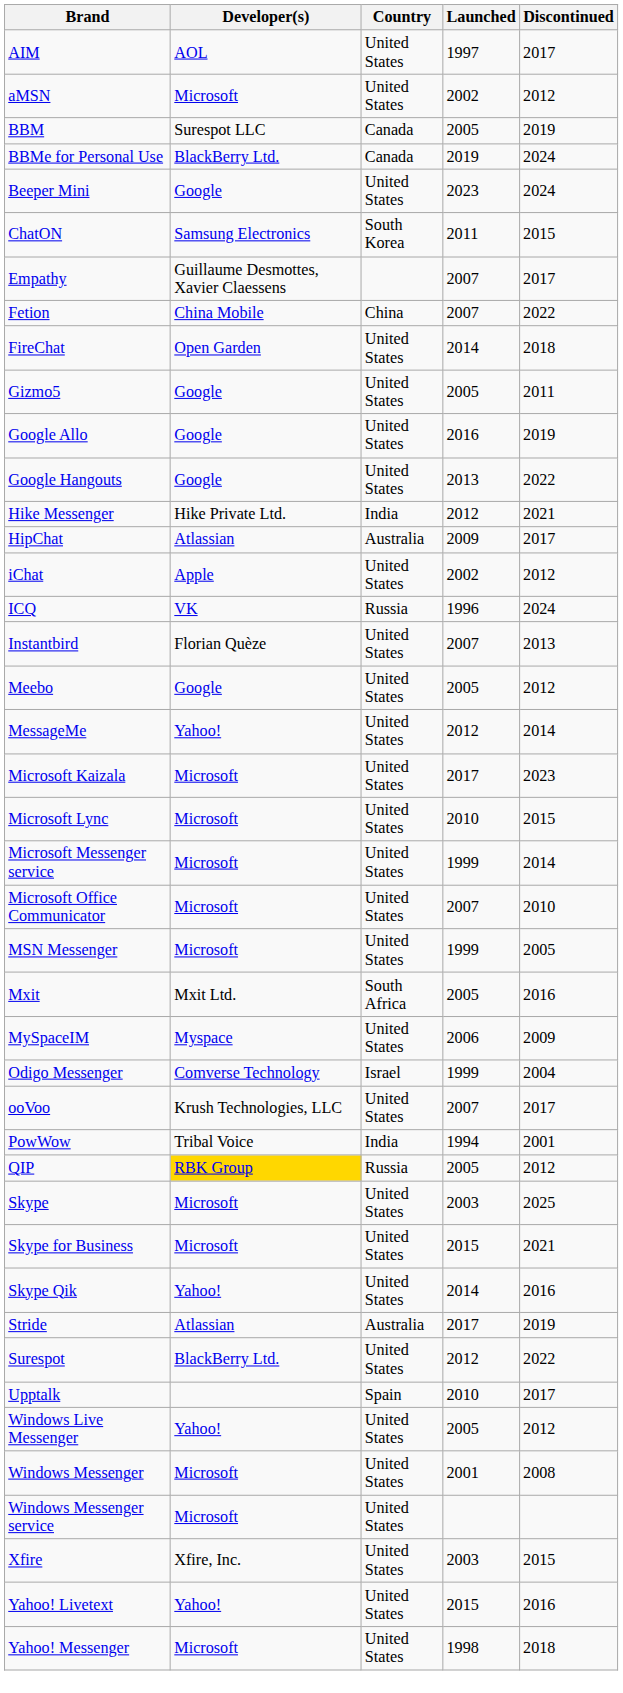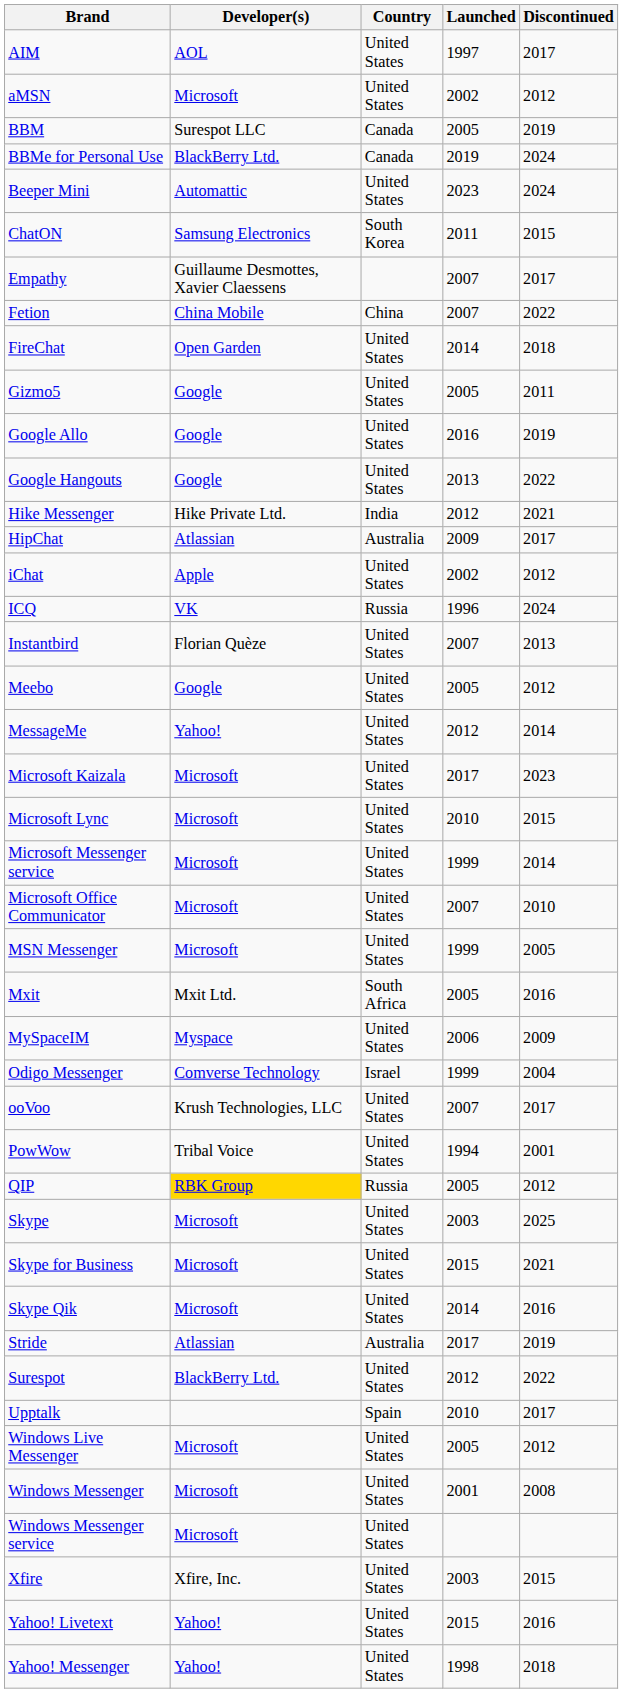 <table class="wikitable sortable">
 <tr>
 <th>Brand</th>
 <th>Developer(s)</th>
 <th>Country</th>
 <th>Launched</th>
 <th>Discontinued</th>
 </tr>
 <tr>
 <td><a href='#'>AIM</a></td>
 <td><a href='#'>AOL</a></td>
 <td>United States</td>
 <td>1997</td>
 <td>2017</td>
 </tr>
 <tr>
 <td><a href='#'>aMSN</a></td>
 <td><a href='#'>Microsoft</a></td>
 <td>United States</td>
 <td>2002</td>
 <td>2012</td>
 </tr>
 <tr>
 <td><a href='#'>BBM</a></td>
 <td>Surespot LLC</td>
 <td>Canada</td>
 <td>2005</td>
 <td>2019</td>
 </tr>
 <tr>
 <td><a href='#'>BBMe for Personal Use</a></td>
 <td><a href='#'>BlackBerry Ltd.</a></td>
 <td>Canada</td>
 <td>2019</td>
 <td>2024</td>
 </tr>
 <tr>
 <td><a href='#'>Beeper Mini</a></td>
-<td><a href='#'>Google</a></td>
+<td><a href='#'>Automattic</a></td>
 <td>United States</td>
 <td>2023</td>
 <td>2024</td>
 </tr>
 <tr>
 <td><a href='#'>ChatON</a></td>
 <td><a href='#'>Samsung Electronics</a></td>
 <td>South Korea</td>
 <td>2011</td>
 <td>2015</td>
 </tr>
 <tr>
 <td><a href='#'>Empathy</a></td>
 <td>Guillaume Desmottes, Xavier Claessens</td>
 <td></td>
 <td>2007</td>
 <td>2017</td>
 </tr>
 <tr>
 <td><a href='#'>Fetion</a></td>
 <td><a href='#'>China Mobile</a></td>
 <td>China</td>
 <td>2007</td>
 <td>2022</td>
 </tr>
 <tr>
 <td><a href='#'>FireChat</a></td>
 <td><a href='#'>Open Garden</a></td>
 <td>United States</td>
 <td>2014</td>
 <td>2018</td>
 </tr>
 <tr>
 <td><a href='#'>Gizmo5</a></td>
 <td><a href='#'>Google</a></td>
 <td>United States</td>
 <td>2005</td>
 <td>2011</td>
 </tr>
 <tr>
 <td><a href='#'>Google Allo</a></td>
 <td><a href='#'>Google</a></td>
 <td>United States</td>
 <td>2016</td>
 <td>2019</td>
 </tr>
 <tr>
 <td><a href='#'>Google Hangouts</a></td>
 <td><a href='#'>Google</a></td>
 <td>United States</td>
 <td>2013</td>
 <td>2022</td>
 </tr>
 <tr>
 <td><a href='#'>Hike Messenger</a></td>
 <td>Hike Private Ltd.</td>
 <td>India</td>
 <td>2012</td>
 <td>2021</td>
 </tr>
 <tr>
 <td><a href='#'>HipChat</a></td>
 <td><a href='#'>Atlassian</a></td>
 <td>Australia</td>
 <td>2009</td>
 <td>2017</td>
 </tr>
 <tr>
 <td><a href='#'>iChat</a></td>
 <td><a href='#'>Apple</a></td>
 <td>United States</td>
 <td>2002</td>
 <td>2012</td>
 </tr>
 <tr>
 <td><a href='#'>ICQ</a></td>
 <td><a href='#'>VK</a></td>
 <td>Russia</td>
 <td>1996</td>
 <td>2024</td>
 </tr>
 <tr>
 <td><a href='#'>Instantbird</a></td>
 <td>Florian Quèze</td>
 <td>United States</td>
 <td>2007</td>
 <td>2013</td>
 </tr>
 <tr>
 <td><a href='#'>Meebo</a></td>
 <td><a href='#'>Google</a></td>
 <td>United States</td>
 <td>2005</td>
 <td>2012</td>
 </tr>
 <tr>
 <td><a href='#'>MessageMe</a></td>
 <td><a href='#'>Yahoo!</a></td>
 <td>United States</td>
 <td>2012</td>
 <td>2014</td>
 </tr>
 <tr>
 <td><a href='#'>Microsoft Kaizala</a></td>
 <td><a href='#'>Microsoft</a></td>
 <td>United States</td>
 <td>2017</td>
 <td>2023</td>
 </tr>
 <tr>
 <td><a href='#'>Microsoft Lync</a></td>
 <td><a href='#'>Microsoft</a></td>
 <td>United States</td>
 <td>2010</td>
 <td>2015</td>
 </tr>
 <tr>
 <td><a href='#'>Microsoft Messenger service</a></td>
 <td><a href='#'>Microsoft</a></td>
 <td>United States</td>
 <td>1999</td>
 <td>2014</td>
 </tr>
 <tr>
 <td><a href='#'>Microsoft Office Communicator</a></td>
 <td><a href='#'>Microsoft</a></td>
 <td>United States</td>
 <td>2007</td>
 <td>2010</td>
 </tr>
 <tr>
 <td><a href='#'>MSN Messenger</a></td>
 <td><a href='#'>Microsoft</a></td>
 <td>United States</td>
 <td>1999</td>
 <td>2005</td>
 </tr>
 <tr>
 <td><a href='#'>Mxit</a></td>
 <td>Mxit Ltd.</td>
 <td>South Africa</td>
 <td>2005</td>
 <td>2016</td>
 </tr>
 <tr>
 <td><a href='#'>MySpaceIM</a></td>
 <td><a href='#'>Myspace</a></td>
 <td>United States</td>
 <td>2006</td>
 <td>2009</td>
 </tr>
 <tr>
 <td><a href='#'>Odigo Messenger</a></td>
 <td><a href='#'>Comverse Technology</a></td>
 <td>Israel</td>
 <td>1999</td>
 <td>2004</td>
 </tr>
 <tr>
 <td><a href='#'>ooVoo</a></td>
 <td>Krush Technologies, LLC</td>
 <td>United States</td>
 <td>2007</td>
 <td>2017</td>
 </tr>
 <tr>
 <td><a href='#'>PowWow</a></td>
 <td>Tribal Voice</td>
-<td>India</td>
+<td>United States</td>
 <td>1994</td>
 <td>2001</td>
 </tr>
 <tr>
 <td><a href='#'>QIP</a></td>
 <td style="background: gold;"><a href='#'>RBK Group</a></td>
 <td>Russia</td>
 <td>2005</td>
 <td>2012</td>
 </tr>
 <tr>
 <td><a href='#'>Skype</a></td>
 <td><a href='#'>Microsoft</a></td>
 <td>United States</td>
 <td>2003</td>
 <td>2025</td>
 </tr>
 <tr>
 <td><a href='#'>Skype for Business</a></td>
 <td><a href='#'>Microsoft</a></td>
 <td>United States</td>
 <td>2015</td>
 <td>2021</td>
 </tr>
 <tr>
 <td><a href='#'>Skype Qik</a></td>
-<td><a href='#'>Yahoo!</a></td>
+<td><a href='#'>Microsoft</a></td>
 <td>United States</td>
 <td>2014</td>
 <td>2016</td>
 </tr>
 <tr>
 <td><a href='#'>Stride</a></td>
 <td><a href='#'>Atlassian</a></td>
 <td>Australia</td>
 <td>2017</td>
 <td>2019</td>
 </tr>
 <tr>
 <td><a href='#'>Surespot</a></td>
 <td><a href='#'>BlackBerry Ltd.</a></td>
 <td>United States</td>
 <td>2012</td>
 <td>2022</td>
 </tr>
 <tr>
 <td><a href='#'>Upptalk</a></td>
 <td></td>
 <td>Spain</td>
 <td>2010</td>
 <td>2017</td>
 </tr>
 <tr>
 <td><a href='#'>Windows Live Messenger</a></td>
-<td><a href='#'>Yahoo!</a></td>
+<td><a href='#'>Microsoft</a></td>
 <td>United States</td>
 <td>2005</td>
 <td>2012</td>
 </tr>
 <tr>
 <td><a href='#'>Windows Messenger</a></td>
 <td><a href='#'>Microsoft</a></td>
 <td>United States</td>
 <td>2001</td>
 <td>2008</td>
 </tr>
 <tr>
 <td><a href='#'>Windows Messenger service</a></td>
 <td><a href='#'>Microsoft</a></td>
 <td>United States</td>
 <td></td>
 <td></td>
 </tr>
 <tr>
 <td><a href='#'>Xfire</a></td>
 <td>Xfire, Inc.</td>
 <td>United States</td>
 <td>2003</td>
 <td>2015</td>
 </tr>
 <tr>
 <td><a href='#'>Yahoo! Livetext</a></td>
 <td><a href='#'>Yahoo!</a></td>
 <td>United States</td>
 <td>2015</td>
 <td>2016</td>
 </tr>
 <tr>
 <td><a href='#'>Yahoo! Messenger</a></td>
-<td><a href='#'>Microsoft</a></td>
+<td><a href='#'>Yahoo!</a></td>
 <td>United States</td>
 <td>1998</td>
 <td>2018</td>
 </tr>
 </table>
